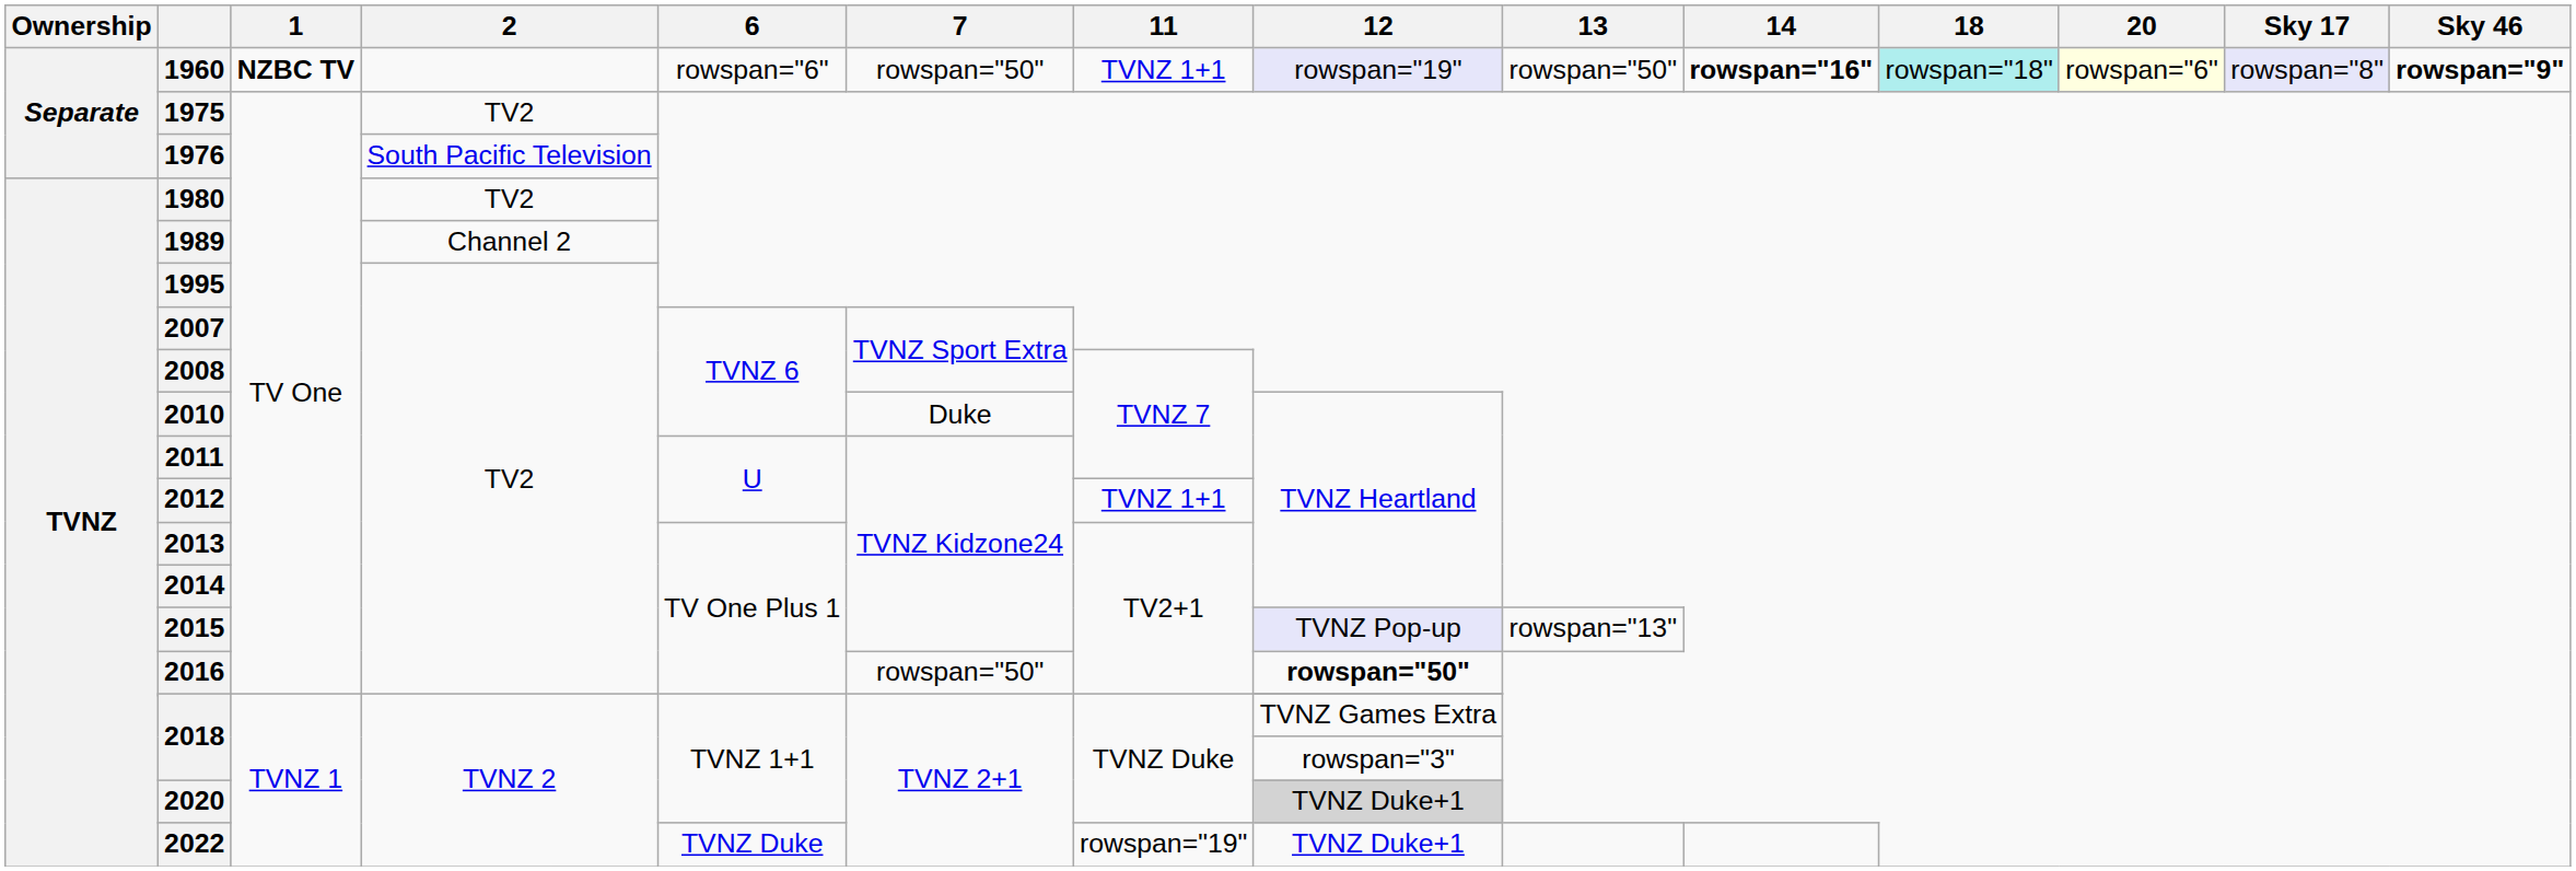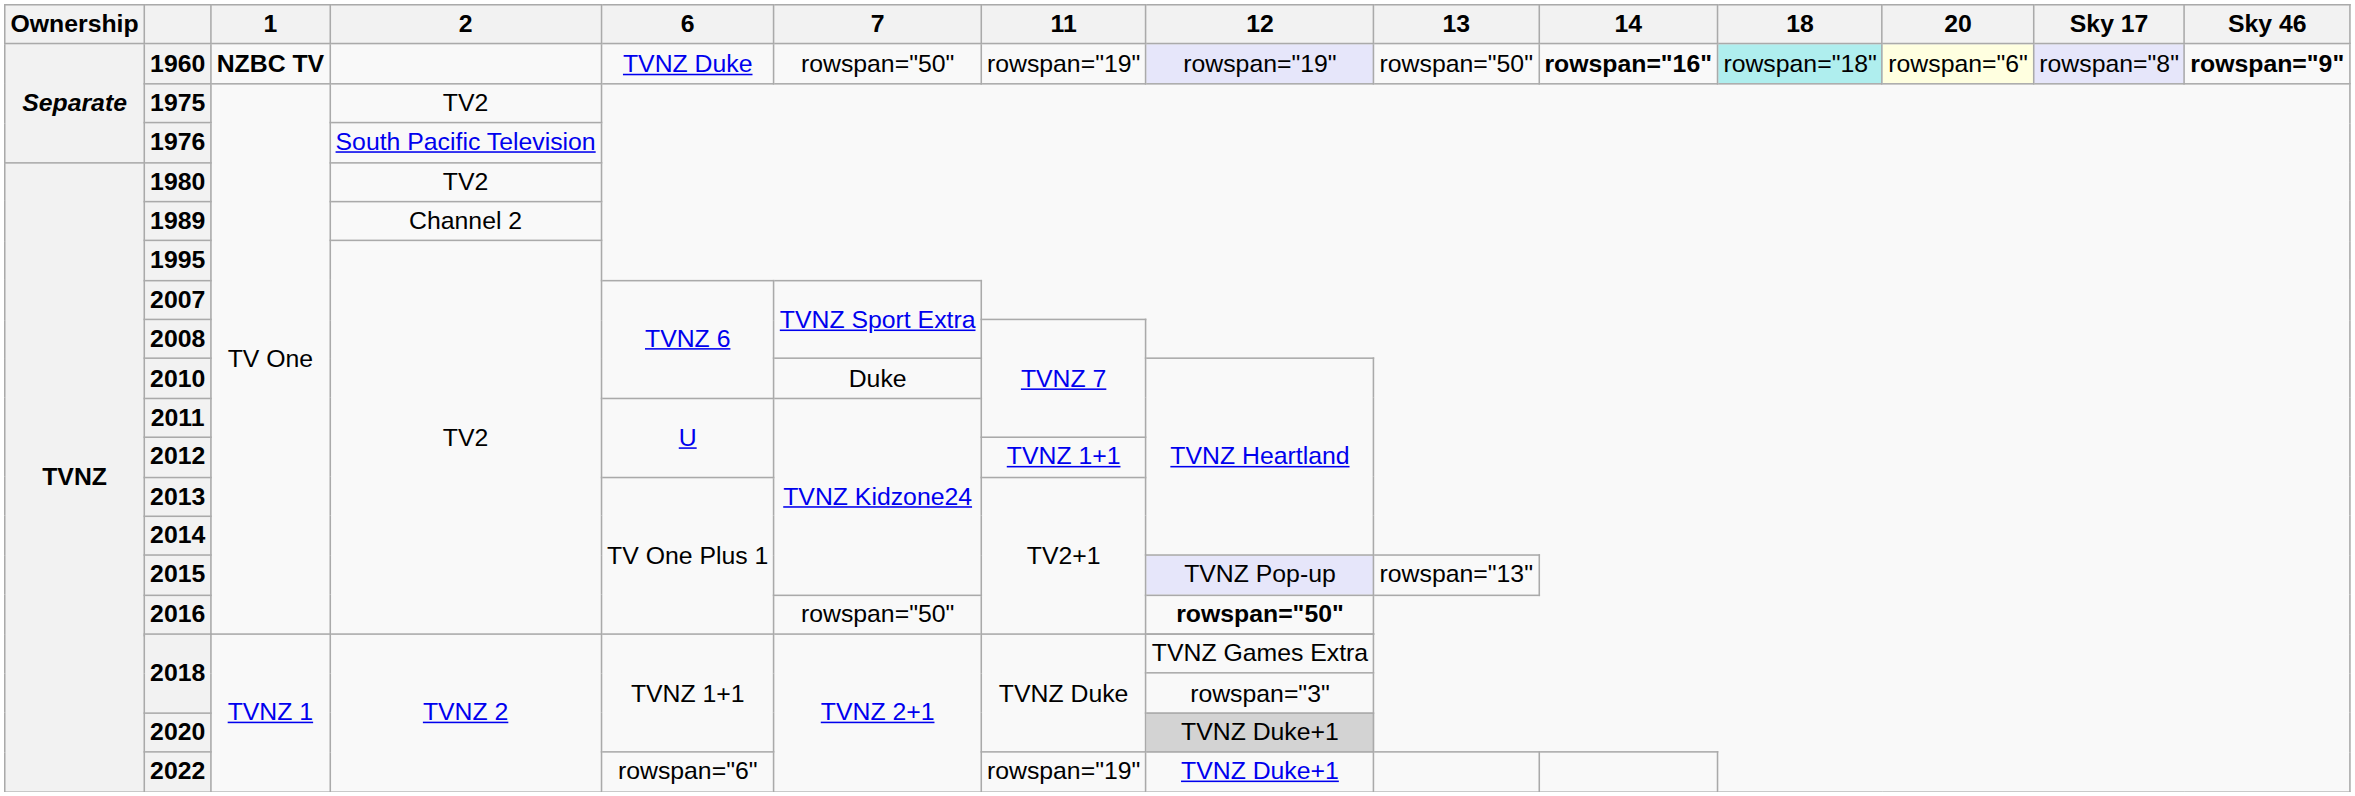 <table class="wikitable" style="text-align:center;">
 <tr>
 <th>Ownership</th>
 <th> </th>
 <th>1</th>
 <th>2</th>
 <th>6</th>
 <th>7</th>
 <th>11</th>
 <th>12</th>
 <th>13</th>
 <th>14</th>
 <th>18</th>
 <th>20</th>
 <th>Sky 17</th>
 <th>Sky 46</th>
 </tr>
 <tr>
 <th rowspan=3><em>Separate</em></th>
 <th>1960</th>
 <td><strong>NZBC TV</strong></td>
 <td></td>
-<td>rowspan="6" </td>
+<td><a href='#'>TVNZ Duke</a></td>
 <td>rowspan="50" </td>
-<td><a href='#'>TVNZ 1+1</a></td>
+<td>rowspan="19" </td>
 <td style="background: lavender;">rowspan="19" </td>
 <td>rowspan="50" </td>
 <td><strong>rowspan="16" </strong></td>
 <td style="background: paleturquoise;">rowspan="18" </td>
 <td style="background: lightyellow;">rowspan="6" </td>
 <td style="background: lavender;">rowspan="8" </td>
 <td><strong>rowspan="9" </strong></td>
 </tr>
 <tr>
 <th>1975</th>
 <td rowspan="14">TV One</td>
 <td>TV2</td>
 </tr>
 <tr>
 <th>1976</th>
 <td><a href='#'>South Pacific Television</a></td>
 </tr>
 <tr>
 <th rowspan=50>TVNZ</th>
 <th>1980</th>
 <td>TV2</td>
 </tr>
 <tr>
 <th>1989</th>
 <td>Channel 2</td>
 </tr>
 <tr>
 <th>1995</th>
 <td rowspan="10">TV2</td>
 </tr>
 <tr>
 <th>2007</th>
 <td rowspan="3"><a href='#'>TVNZ 6</a></td>
 <td rowspan="2"><a href='#'>TVNZ Sport Extra</a></td>
 </tr>
 <tr>
 <th>2008</th>
 <td rowspan="3"><a href='#'>TVNZ 7</a></td>
 </tr>
 <tr>
 <th>2010</th>
 <td>Duke</td>
 <td rowspan="5"><a href='#'>TVNZ Heartland</a></td>
 </tr>
 <tr>
 <th>2011</th>
 <td rowspan="2"><a href='#'>U</a></td>
 <td rowspan="5"><a href='#'>TVNZ Kidzone24</a></td>
 </tr>
 <tr>
 <th>2012</th>
 <td><a href='#'>TVNZ 1+1</a></td>
 </tr>
 <tr>
 <th>2013</th>
 <td rowspan="4">TV One Plus 1</td>
 <td rowspan="4">TV2+1</td>
 </tr>
 <tr>
 <th>2014</th>
 </tr>
 <tr>
 <th>2015</th>
 <td style="background: lavender;">TVNZ Pop-up</td>
 <td>rowspan="13" </td>
 </tr>
 <tr>
 <th rowspan="2">2016</th>
 <td>rowspan="50" </td>
 <td><strong>rowspan="50" </strong></td>
 </tr>
 <tr>
 <td rowspan=5><p><a href='#'>TVNZ 1</a></p></td>
 <td rowspan="5"><a href='#'>TVNZ 2</a></td>
 <td rowspan="4">TVNZ 1+1</td>
 <td rowspan="5"><a href='#'>TVNZ 2+1</a></td>
 <td rowspan="4">TVNZ Duke</td>
 </tr>
 <tr>
 <th rowspan=2>2018</th>
 <td>TVNZ Games Extra</td>
 </tr>
 <tr>
 <td>rowspan="3" </td>
 </tr>
 <tr>
 <th>2020</th>
 <td style="background: lightgrey;">TVNZ Duke+1</td>
 </tr>
 <tr>
 <th>2022</th>
-<td><a href='#'>TVNZ Duke</a></td>
+<td>rowspan="6" </td>
 <td>rowspan="19" </td>
 <td rowspan=2><a href='#'>TVNZ Duke+1</a></td>
 <td></td>
 <td></td>
 </tr>
 </table>
